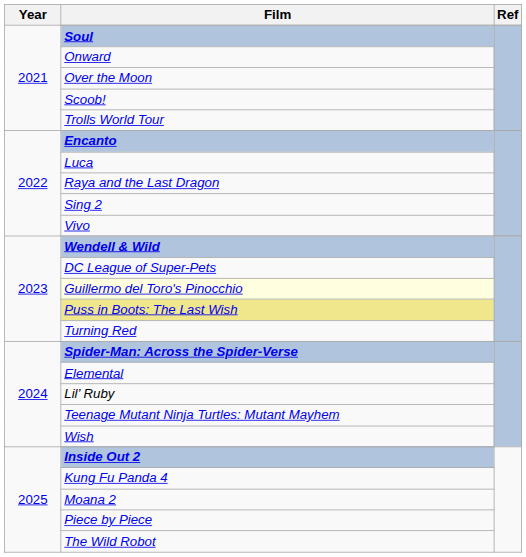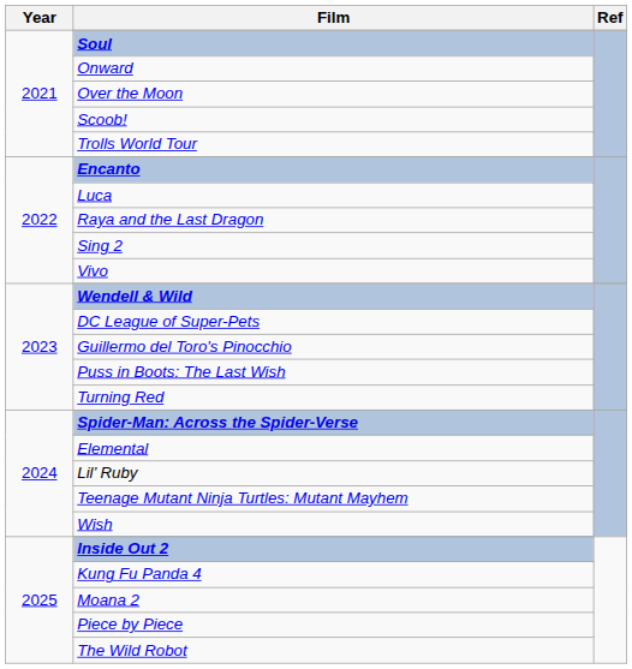 <table class="wikitable" style="width:100%;">
 <tr>
 <th style="width:11%;">Year</th>
 <th style="width:84%;">Film</th>
 <th>Ref</th>
 </tr>
 <tr>
 <td rowspan="6" align="center"><a href='#'>2021</a></td>
 </tr>
 <tr style="background:#B0C4DE">
 <td><a href='#'><strong><em>Soul</em></strong></a></td>
 <td rowspan="5"></td>
 </tr>
 <tr>
 <td><a href='#'><em>Onward</em></a></td>
 </tr>
 <tr>
 <td><em><a href='#'>Over the Moon</a></em></td>
 </tr>
 <tr>
 <td><em><a href='#'>Scoob!</a></em></td>
 </tr>
 <tr>
 <td><em><a href='#'>Trolls World Tour</a></em></td>
 </tr>
 <tr>
 <td rowspan="6" align="center"><a href='#'>2022</a></td>
 </tr>
 <tr style="background:#B0C4DE">
 <td><strong><em><a href='#'>Encanto</a></em></strong></td>
 <td rowspan="5"></td>
 </tr>
 <tr>
 <td><em><a href='#'>Luca</a></em></td>
 </tr>
 <tr>
 <td><em><a href='#'>Raya and the Last Dragon</a></em></td>
 </tr>
 <tr>
 <td><em><a href='#'>Sing 2</a></em></td>
 </tr>
 <tr>
 <td><em><a href='#'>Vivo</a></em></td>
 </tr>
 <tr>
 <td rowspan="6" align="center"><a href='#'>2023</a></td>
 </tr>
 <tr style="background:#B0C4DE">
 <td><strong><em><a href='#'>Wendell & Wild</a></em></strong></td>
 <td rowspan="5"></td>
 </tr>
 <tr>
 <td><em><a href='#'>DC League of Super-Pets</a></em></td>
 </tr>
 <tr>
-<td style="background: lightyellow;"><em><a href='#'>Guillermo del Toro's Pinocchio</a></em></td>
+<td><em><a href='#'>Guillermo del Toro's Pinocchio</a></em></td>
 </tr>
 <tr>
-<td style="background: khaki;"><em><a href='#'>Puss in Boots: The Last Wish</a></em></td>
+<td><em><a href='#'>Puss in Boots: The Last Wish</a></em></td>
 </tr>
 <tr>
 <td><em><a href='#'>Turning Red</a></em></td>
 </tr>
 <tr>
 <td rowspan="6" align="center"><a href='#'>2024</a></td>
 </tr>
 <tr style="background:#B0C4DE">
 <td><strong><em><a href='#'>Spider-Man: Across the Spider-Verse</a></em></strong></td>
 <td rowspan="5"></td>
 </tr>
 <tr>
 <td><a href='#'><em>Elemental</em></a></td>
 </tr>
 <tr>
 <td><em>Lil’ Ruby</em></td>
 </tr>
 <tr>
 <td><em><a href='#'>Teenage Mutant Ninja Turtles: Mutant Mayhem</a></em></td>
 </tr>
 <tr>
 <td><a href='#'><em>Wish</em></a></td>
 </tr>
 <tr>
 <td rowspan="6" align="center"><a href='#'>2025</a></td>
 </tr>
 <tr style="background:#B0C4DE">
 <td><strong><em><a href='#'>Inside Out 2</a></em></strong></td>
 </tr>
 <tr>
 <td><em><a href='#'>Kung Fu Panda 4</a></em></td>
 </tr>
 <tr>
 <td><em><a href='#'>Moana 2</a></em></td>
 </tr>
 <tr>
 <td><em><a href='#'>Piece by Piece</a></em></td>
 </tr>
 <tr>
 <td><em><a href='#'>The Wild Robot</a></em></td>
 </tr>
 </table>
